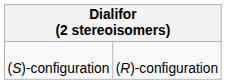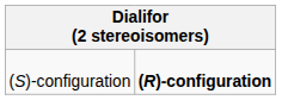 <table class="wikitable" style="text-align:center">
 <tr class="hintergrundfarbe6">
 <th colspan="2">Dialifor<br>(2 stereoisomers)</th>
 </tr>
 <tr>
 <td><br>(<em>S</em>)-configuration</td>
-<td><br>(<em>R</em>)-configuration</td>
+<td><strong><br>(<em>R</em>)-configuration</strong></td>
 </tr>
 </table>
